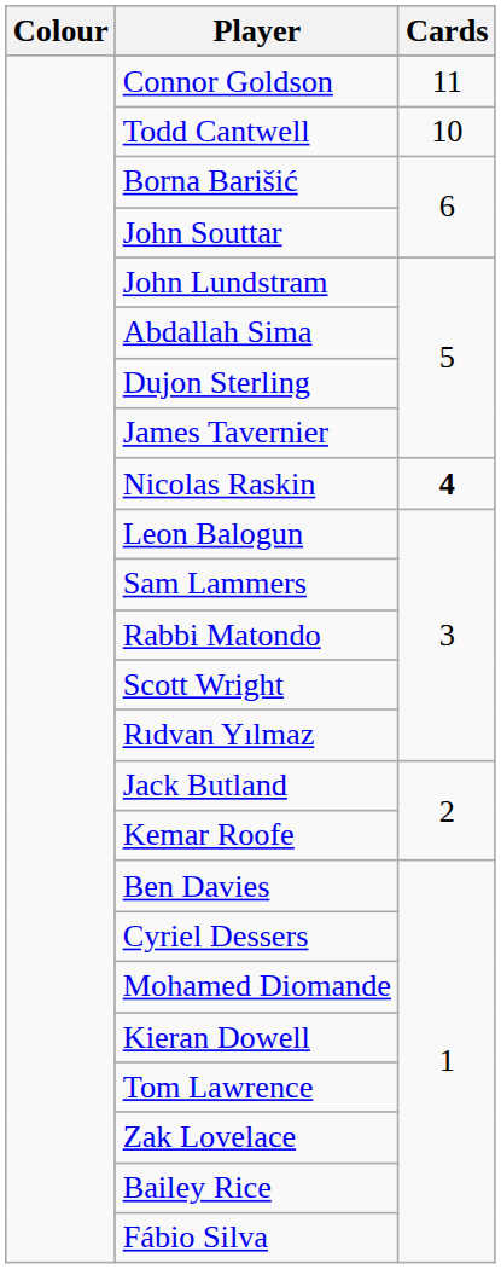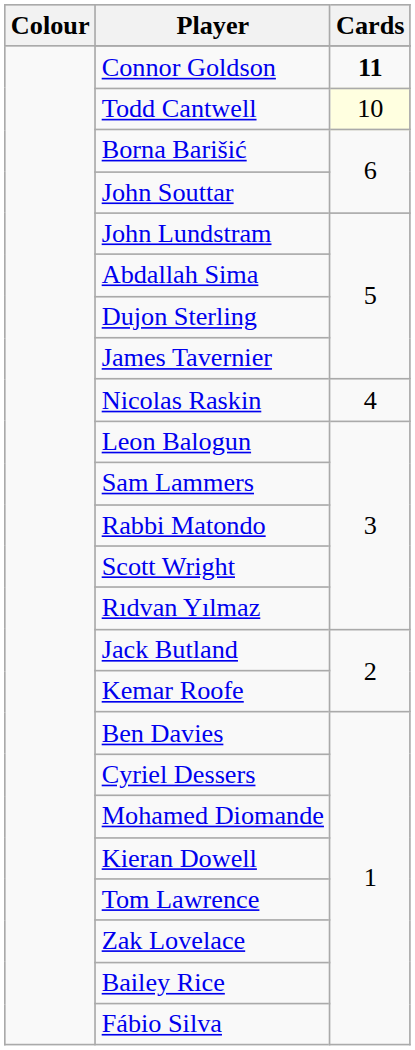 <table class="wikitable" style="text-align:center">
 <tr>
 <th>Colour</th>
 <th>Player</th>
 <th>Cards</th>
 </tr>
 <tr>
 <td rowspan="25"></td>
 </tr>
 <tr>
 <td align=left><a href='#'>Connor Goldson</a></td>
-<td rowspan=1>11</td>
+<td rowspan=1><strong>11</strong></td>
 </tr>
 <tr>
 <td align=left><a href='#'>Todd Cantwell</a></td>
-<td rowspan=1>10</td>
+<td rowspan=1 style="background: lightyellow;">10</td>
 </tr>
 <tr>
 <td align=left><a href='#'>Borna Barišić</a></td>
 <td rowspan=2>6</td>
 </tr>
 <tr>
 <td align=left><a href='#'>John Souttar</a></td>
 </tr>
 <tr>
 <td align=left><a href='#'>John Lundstram</a></td>
 <td rowspan=4>5</td>
 </tr>
 <tr>
 <td align=left><a href='#'>Abdallah Sima</a></td>
 </tr>
 <tr>
 <td align=left><a href='#'>Dujon Sterling</a></td>
 </tr>
 <tr>
 <td align=left><a href='#'>James Tavernier</a></td>
 </tr>
 <tr>
 <td align=left><a href='#'>Nicolas Raskin</a></td>
-<td rowspan=1><strong>4</strong></td>
+<td rowspan=1>4</td>
 </tr>
 <tr>
 <td align=left><a href='#'>Leon Balogun</a></td>
 <td rowspan=5>3</td>
 </tr>
 <tr>
 <td align=left><a href='#'>Sam Lammers</a></td>
 </tr>
 <tr>
 <td align=left><a href='#'>Rabbi Matondo</a></td>
 </tr>
 <tr>
 <td align=left><a href='#'>Scott Wright</a></td>
 </tr>
 <tr>
 <td align=left><a href='#'>Rıdvan Yılmaz</a></td>
 </tr>
 <tr>
 <td align=left><a href='#'>Jack Butland</a></td>
 <td rowspan=2>2</td>
 </tr>
 <tr>
 <td align=left><a href='#'>Kemar Roofe</a></td>
 </tr>
 <tr>
 <td align=left><a href='#'>Ben Davies</a></td>
 <td rowspan=8>1</td>
 </tr>
 <tr>
 <td align=left><a href='#'>Cyriel Dessers</a></td>
 </tr>
 <tr>
 <td align=left><a href='#'>Mohamed Diomande</a></td>
 </tr>
 <tr>
 <td align=left><a href='#'>Kieran Dowell</a></td>
 </tr>
 <tr>
 <td align=left><a href='#'>Tom Lawrence</a></td>
 </tr>
 <tr>
 <td align=left><a href='#'>Zak Lovelace</a></td>
 </tr>
 <tr>
 <td align=left><a href='#'>Bailey Rice</a></td>
 </tr>
 <tr>
 <td align=left><a href='#'>Fábio Silva</a></td>
 </tr>
 </table>
